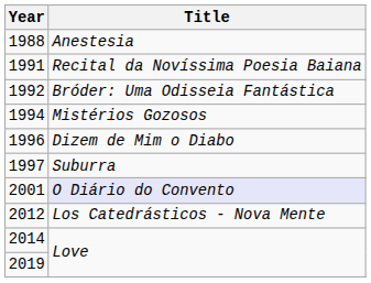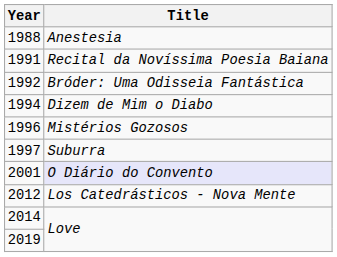 <table class="wikitable">
 <tr>
 <th>Year</th>
 <th>Title</th>
 </tr>
 <tr>
 <td>1988</td>
 <td><em>Anestesia</em></td>
 </tr>
 <tr>
 <td>1991</td>
 <td><em>Recital da Novíssima Poesia Baiana</em></td>
 </tr>
 <tr>
 <td>1992</td>
 <td><em>Bróder: Uma Odisseia Fantástica</em></td>
 </tr>
 <tr>
 <td>1994</td>
-<td><em>Mistérios Gozosos</em></td>
+<td><em>Dizem de Mim o Diabo</em></td>
 </tr>
 <tr>
 <td>1996</td>
-<td><em>Dizem de Mim o Diabo</em></td>
+<td><em>Mistérios Gozosos</em></td>
 </tr>
 <tr>
 <td>1997</td>
 <td><em>Suburra</em></td>
 </tr>
 <tr>
 <td>2001</td>
 <td style="background: lavender;"><em>O Diário do Convento</em></td>
 </tr>
 <tr>
 <td>2012</td>
 <td><em>Los Catedrásticos - Nova Mente</em></td>
 </tr>
 <tr>
 <td>2014</td>
 <td rowspan="2"><em>Love</em></td>
 </tr>
 <tr>
 <td>2019</td>
 </tr>
 </table>
